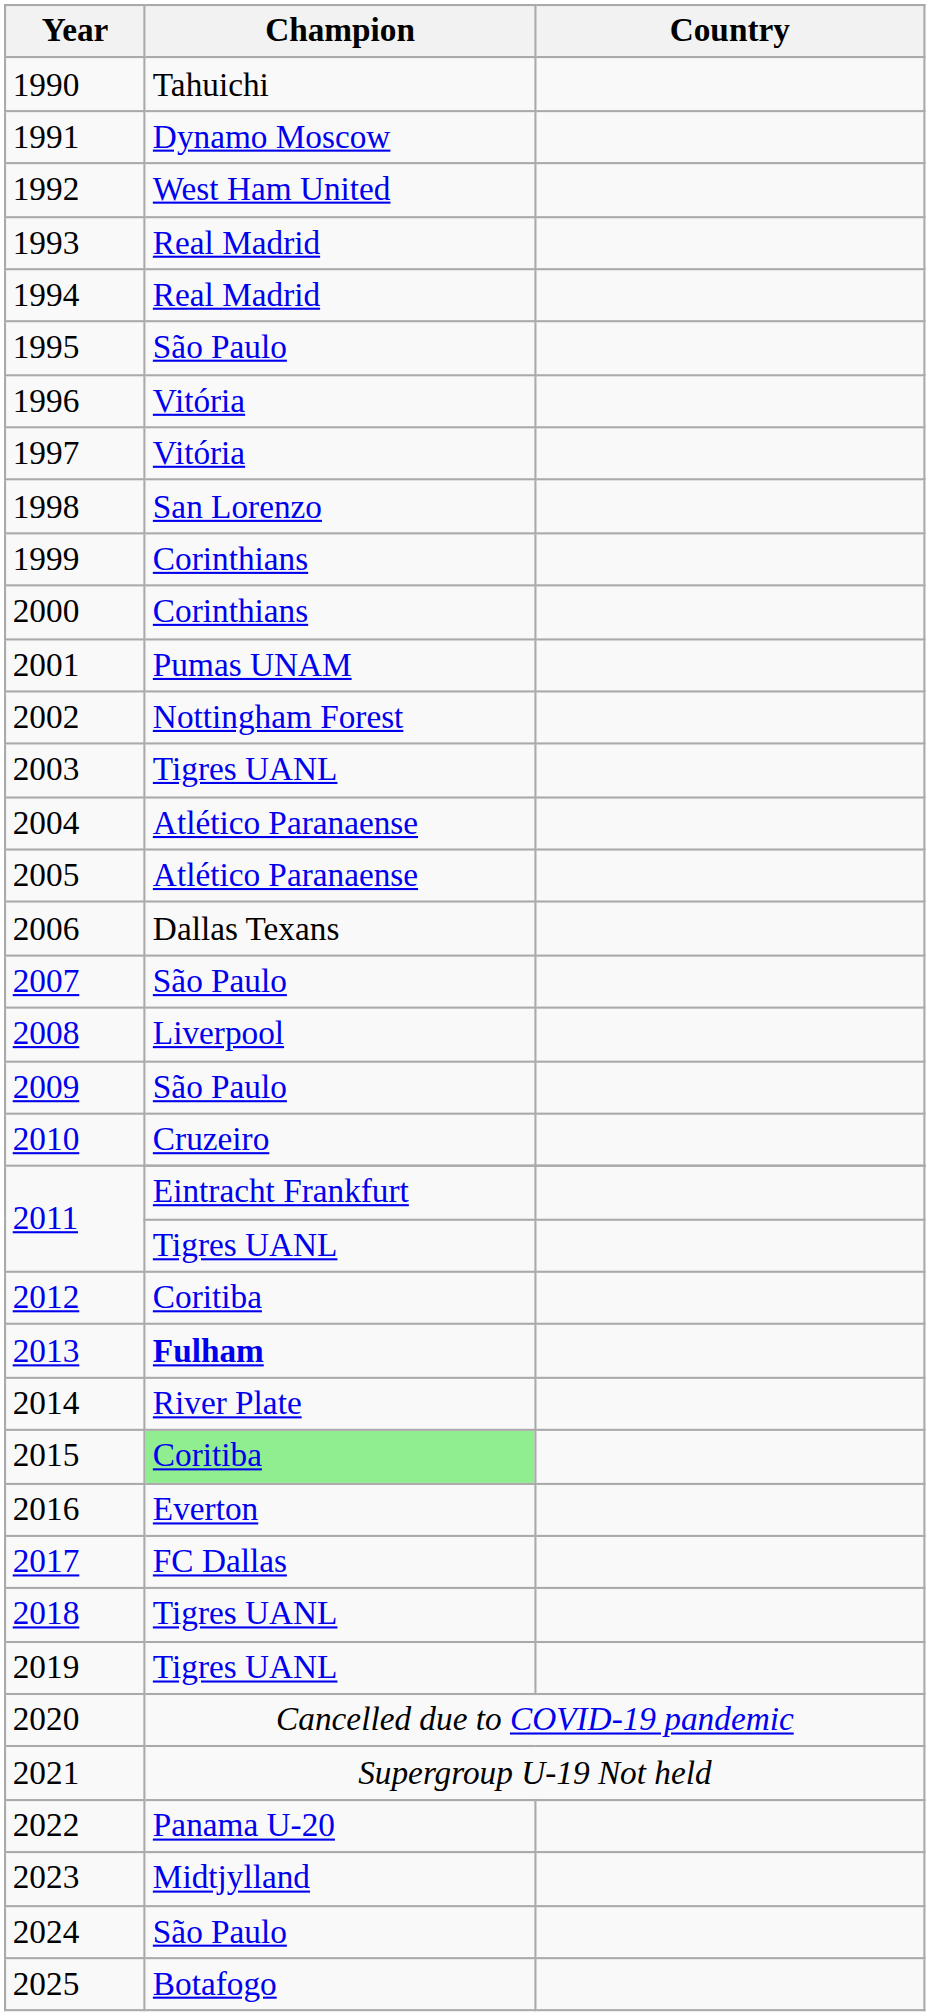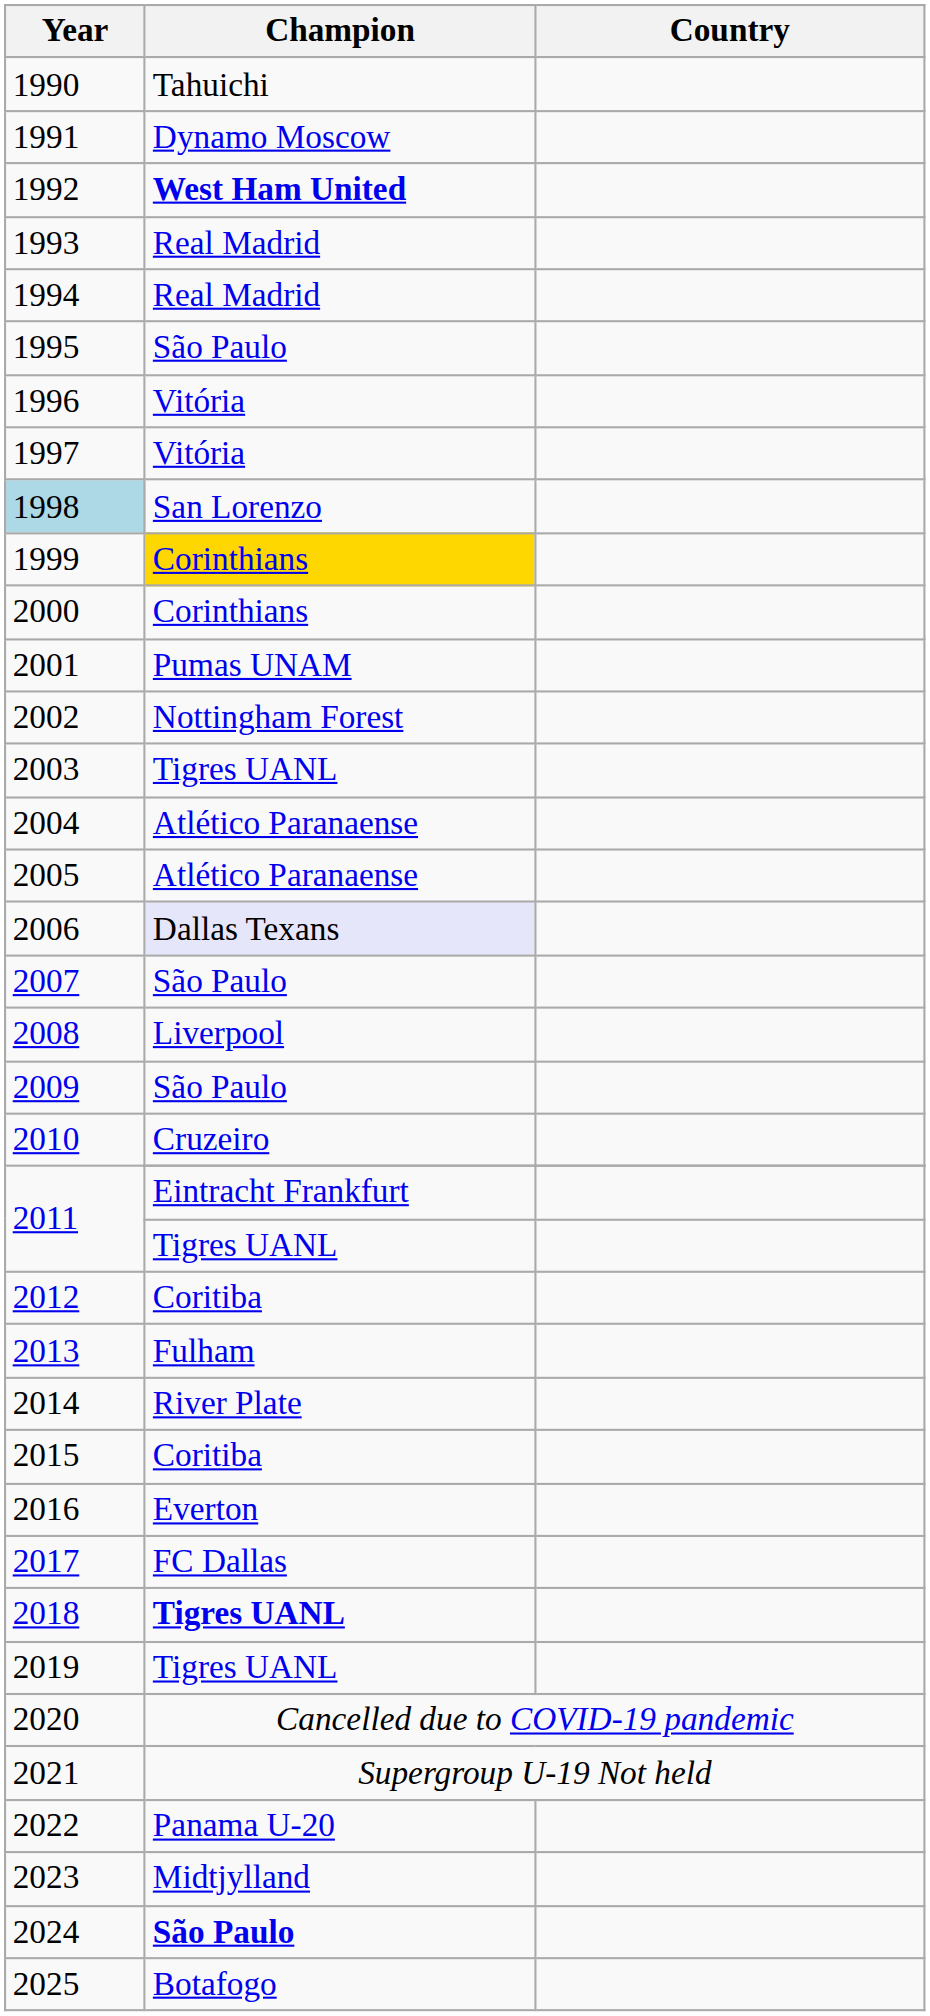 <table class="wikitable" style="text-align:left;">
 <tr>
 <th width=60>Year</th>
 <th width=180>Champion</th>
 <th width=180>Country</th>
 </tr>
 <tr>
 <td>1990</td>
 <td>Tahuichi</td>
 <td></td>
 </tr>
 <tr>
 <td>1991</td>
 <td><a href='#'>Dynamo Moscow</a></td>
 <td></td>
 </tr>
 <tr>
 <td>1992</td>
-<td><a href='#'>West Ham United</a></td>
+<td><strong><a href='#'>West Ham United</a></strong></td>
 <td></td>
 </tr>
 <tr>
 <td>1993</td>
 <td><a href='#'>Real Madrid</a></td>
 <td></td>
 </tr>
 <tr>
 <td>1994</td>
 <td><a href='#'>Real Madrid</a></td>
 <td></td>
 </tr>
 <tr>
 <td>1995</td>
 <td><a href='#'>São Paulo</a></td>
 <td></td>
 </tr>
 <tr>
 <td>1996</td>
 <td><a href='#'>Vitória</a></td>
 <td></td>
 </tr>
 <tr>
 <td>1997</td>
 <td><a href='#'>Vitória</a></td>
 <td></td>
 </tr>
 <tr>
-<td>1998</td>
+<td style="background: lightblue;">1998</td>
 <td><a href='#'>San Lorenzo</a></td>
 <td></td>
 </tr>
 <tr>
 <td>1999</td>
-<td><a href='#'>Corinthians</a></td>
+<td style="background: gold;"><a href='#'>Corinthians</a></td>
 <td></td>
 </tr>
 <tr>
 <td>2000</td>
 <td><a href='#'>Corinthians</a></td>
 <td></td>
 </tr>
 <tr>
 <td>2001</td>
 <td><a href='#'>Pumas UNAM</a></td>
 <td></td>
 </tr>
 <tr>
 <td>2002</td>
 <td><a href='#'>Nottingham Forest</a></td>
 <td></td>
 </tr>
 <tr>
 <td>2003</td>
 <td><a href='#'>Tigres UANL</a></td>
 <td></td>
 </tr>
 <tr>
 <td>2004</td>
 <td><a href='#'>Atlético Paranaense</a></td>
 <td></td>
 </tr>
 <tr>
 <td>2005</td>
 <td><a href='#'>Atlético Paranaense</a></td>
 <td></td>
 </tr>
 <tr>
 <td>2006</td>
-<td>Dallas Texans</td>
+<td style="background: lavender;">Dallas Texans</td>
 <td></td>
 </tr>
 <tr>
 <td><a href='#'>2007</a></td>
 <td><a href='#'>São Paulo</a></td>
 <td></td>
 </tr>
 <tr>
 <td><a href='#'>2008</a></td>
 <td><a href='#'>Liverpool</a></td>
 <td></td>
 </tr>
 <tr>
 <td><a href='#'>2009</a></td>
 <td><a href='#'>São Paulo</a></td>
 <td></td>
 </tr>
 <tr>
 <td><a href='#'>2010</a></td>
 <td><a href='#'>Cruzeiro</a></td>
 <td></td>
 </tr>
 <tr>
 <td rowspan=3><a href='#'>2011</a></td>
 </tr>
 <tr>
 <td><a href='#'>Eintracht Frankfurt</a></td>
 <td></td>
 </tr>
 <tr>
 <td><a href='#'>Tigres UANL</a></td>
 <td></td>
 </tr>
 <tr>
 <td><a href='#'>2012</a></td>
 <td><a href='#'>Coritiba</a></td>
 <td></td>
 </tr>
 <tr>
 <td><a href='#'>2013</a></td>
-<td><strong><a href='#'>Fulham</a></strong></td>
+<td><a href='#'>Fulham</a></td>
 <td></td>
 </tr>
 <tr>
 <td>2014</td>
 <td><a href='#'>River Plate</a></td>
 <td></td>
 </tr>
 <tr>
 <td>2015</td>
-<td style="background: lightgreen;"><a href='#'>Coritiba</a></td>
+<td><a href='#'>Coritiba</a></td>
 <td></td>
 </tr>
 <tr>
 <td>2016</td>
 <td><a href='#'>Everton</a></td>
 <td></td>
 </tr>
 <tr>
 <td><a href='#'>2017</a></td>
 <td><a href='#'>FC Dallas</a></td>
 <td></td>
 </tr>
 <tr>
 <td><a href='#'>2018</a></td>
-<td><a href='#'>Tigres UANL</a></td>
+<td><strong><a href='#'>Tigres UANL</a></strong></td>
 <td></td>
 </tr>
 <tr>
 <td>2019</td>
 <td><a href='#'>Tigres UANL</a></td>
 <td></td>
 </tr>
 <tr>
 <td>2020</td>
 <td colspan=2 align=center><em>Cancelled due to <a href='#'>COVID-19 pandemic</a></em></td>
 </tr>
 <tr>
 <td>2021</td>
 <td colspan=2 align=center><em>Supergroup U-19 Not held</em></td>
 </tr>
 <tr>
 <td>2022</td>
 <td><a href='#'>Panama U-20</a></td>
 <td></td>
 </tr>
 <tr>
 <td>2023</td>
 <td><a href='#'>Midtjylland</a></td>
 <td></td>
 </tr>
 <tr>
 <td>2024</td>
-<td><a href='#'>São Paulo</a></td>
+<td><strong><a href='#'>São Paulo</a></strong></td>
 <td></td>
 </tr>
 <tr>
 <td>2025</td>
 <td><a href='#'>Botafogo</a></td>
 <td></td>
 </tr>
 </table>
